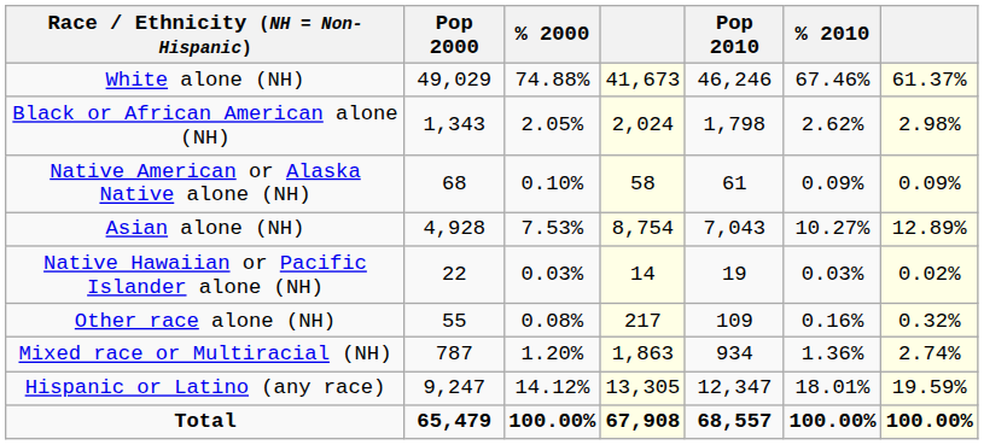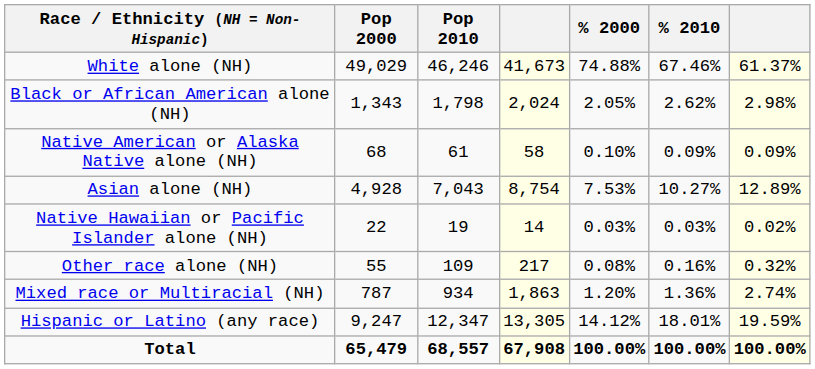 <table class="wikitable"  style="text-align:center;">
 <tr>
 <th>Race / Ethnicity <small>(<em>NH = Non-Hispanic</em>)</small></th>
 <th>Pop 2000</th>
+<th>Pop 2010</th>
+<th></th>
 <th>% 2000</th>
-<th></th>
-<th>Pop 2010</th>
 <th>% 2010</th>
 <th></th>
 </tr>
 <tr>
 <td><a href='#'>White</a> alone (NH)</td>
 <td>49,029</td>
+<td>46,246</td>
+<td style='background: #ffffe6;'>41,673</td>
 <td>74.88%</td>
-<td style='background: #ffffe6;'>41,673</td>
-<td>46,246</td>
 <td>67.46%</td>
 <td style='background: #ffffe6;'>61.37%</td>
 </tr>
 <tr>
 <td><a href='#'>Black or African American</a> alone (NH)</td>
 <td>1,343</td>
+<td>1,798</td>
+<td style='background: #ffffe6;'>2,024</td>
 <td>2.05%</td>
-<td style='background: #ffffe6;'>2,024</td>
-<td>1,798</td>
 <td>2.62%</td>
 <td style='background: #ffffe6;'>2.98%</td>
 </tr>
 <tr>
 <td><a href='#'>Native American</a> or <a href='#'>Alaska Native</a> alone (NH)</td>
 <td>68</td>
+<td>61</td>
+<td style='background: #ffffe6;'>58</td>
 <td>0.10%</td>
-<td style='background: #ffffe6;'>58</td>
-<td>61</td>
 <td>0.09%</td>
 <td style='background: #ffffe6;'>0.09%</td>
 </tr>
 <tr>
 <td><a href='#'>Asian</a> alone (NH)</td>
 <td>4,928</td>
+<td>7,043</td>
+<td style='background: #ffffe6;'>8,754</td>
 <td>7.53%</td>
-<td style='background: #ffffe6;'>8,754</td>
-<td>7,043</td>
 <td>10.27%</td>
 <td style='background: #ffffe6;'>12.89%</td>
 </tr>
 <tr>
 <td><a href='#'>Native Hawaiian</a> or <a href='#'>Pacific Islander</a> alone (NH)</td>
 <td>22</td>
+<td>19</td>
+<td style='background: #ffffe6;'>14</td>
 <td>0.03%</td>
-<td style='background: #ffffe6;'>14</td>
-<td>19</td>
 <td>0.03%</td>
 <td style='background: #ffffe6;'>0.02%</td>
 </tr>
 <tr>
 <td><a href='#'>Other race</a> alone (NH)</td>
 <td>55</td>
+<td>109</td>
+<td style='background: #ffffe6;'>217</td>
 <td>0.08%</td>
-<td style='background: #ffffe6;'>217</td>
-<td>109</td>
 <td>0.16%</td>
 <td style='background: #ffffe6;'>0.32%</td>
 </tr>
 <tr>
 <td><a href='#'>Mixed race or Multiracial</a> (NH)</td>
 <td>787</td>
+<td>934</td>
+<td style='background: #ffffe6;'>1,863</td>
 <td>1.20%</td>
-<td style='background: #ffffe6;'>1,863</td>
-<td>934</td>
 <td>1.36%</td>
 <td style='background: #ffffe6;'>2.74%</td>
 </tr>
 <tr>
 <td><a href='#'>Hispanic or Latino</a> (any race)</td>
 <td>9,247</td>
+<td>12,347</td>
+<td style='background: #ffffe6;'>13,305</td>
 <td>14.12%</td>
-<td style='background: #ffffe6;'>13,305</td>
-<td>12,347</td>
 <td>18.01%</td>
 <td style='background: #ffffe6;'>19.59%</td>
 </tr>
 <tr>
 <td><strong>Total</strong></td>
 <td><strong>65,479</strong></td>
+<td><strong>68,557</strong></td>
+<td style='background: #ffffe6;'><strong>67,908</strong></td>
 <td><strong>100.00%</strong></td>
-<td style='background: #ffffe6;'><strong>67,908</strong></td>
-<td><strong>68,557</strong></td>
 <td><strong>100.00%</strong></td>
 <td style='background: #ffffe6;'><strong>100.00%</strong></td>
 </tr>
 </table>
